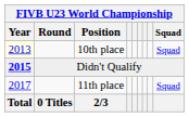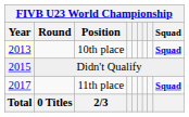 <table class="wikitable" style="text-align: center;">
 <tr>
 <th colspan=9><a href='#'>FIVB U23 World Championship</a>  </th>
 </tr>
 <tr>
 <th>Year</th>
 <th>Round</th>
 <th>Position</th>
 <th></th>
 <th></th>
 <th></th>
 <th></th>
 <th></th>
 <th><small>Squad</small></th>
 </tr>
 <tr>
 <td style="background: lightyellow;"> <a href='#'>2013</a></td>
 <td></td>
 <td>10th place</td>
 <td></td>
 <td></td>
 <td></td>
 <td></td>
 <td></td>
-<td><small><a href='#'>Squad</a></small></td>
+<td><strong><small><a href='#'>Squad</a></small></strong></td>
 </tr>
 <tr bgcolor="efefef">
-<td><strong> <a href='#'>2015</a></strong></td>
+<td> <a href='#'>2015</a></td>
 <td colspan=9>Didn't Qualify</td>
 </tr>
 <tr>
 <td> <a href='#'>2017</a></td>
 <td></td>
 <td>11th place</td>
 <td></td>
 <td></td>
 <td></td>
 <td></td>
 <td></td>
-<td><small><a href='#'>Squad</a></small></td>
+<td><strong><small><a href='#'>Squad</a></small></strong></td>
 </tr>
 <tr>
 <th>Total</th>
 <th>0 Titles</th>
 <th>2/3</th>
 <th></th>
 <th></th>
 <th></th>
 <th></th>
 <th></th>
 <th></th>
 </tr>
 </table>
